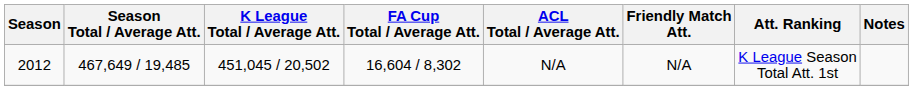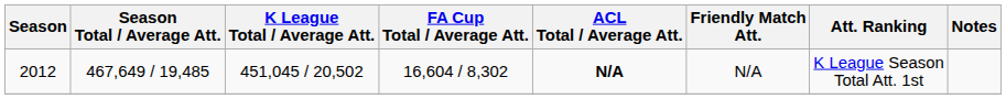 <table class="wikitable" style="text-align:center">
 <tr>
 <th>Season</th>
 <th>Season<br>Total / Average Att.</th>
 <th><a href='#'>K League</a><br>Total / Average Att.</th>
 <th><a href='#'>FA Cup</a><br>Total / Average Att.</th>
 <th><a href='#'>ACL</a><br>Total / Average Att.</th>
 <th>Friendly Match<br> Att.</th>
 <th>Att. Ranking</th>
 <th>Notes</th>
 </tr>
 <tr>
 <td>2012</td>
 <td>467,649 / 19,485</td>
 <td>451,045 / 20,502</td>
 <td>16,604 / 8,302</td>
-<td>N/A</td>
+<td><strong>N/A</strong></td>
 <td>N/A</td>
 <td><a href='#'>K League</a> Season<br>Total Att. 1st</td>
 <td></td>
 </tr>
 <tr>
 </tr>
 </table>
